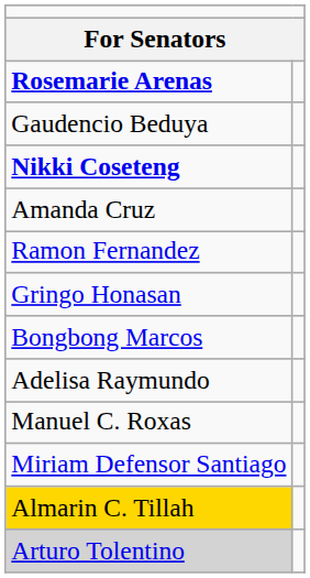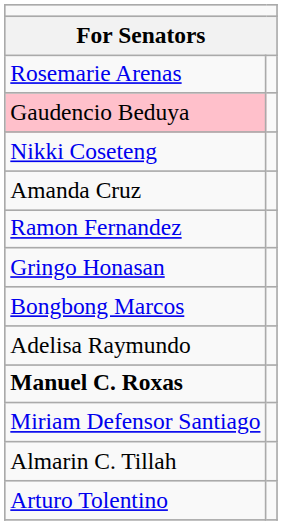 <table class=wikitable style="font-size:90%">
 <tr>
 <td colspan=4 bgcolor=></td>
 </tr>
 <tr>
 <th colspan=5>For Senators</th>
 </tr>
 <tr>
-<td><strong><a href='#'>Rosemarie Arenas</a></strong></td>
+<td><a href='#'>Rosemarie Arenas</a></td>
 <td></td>
 </tr>
 <tr>
-<td>Gaudencio Beduya</td>
+<td style="background: pink;">Gaudencio Beduya</td>
 <td></td>
 </tr>
 <tr>
-<td><strong><a href='#'>Nikki Coseteng</a></strong></td>
+<td><a href='#'>Nikki Coseteng</a></td>
 <td></td>
 </tr>
 <tr>
 <td>Amanda Cruz</td>
 <td></td>
 </tr>
 <tr>
 <td><a href='#'>Ramon Fernandez</a></td>
 <td></td>
 </tr>
 <tr>
 <td><a href='#'>Gringo Honasan</a></td>
 <td></td>
 </tr>
 <tr>
 <td><a href='#'>Bongbong Marcos</a></td>
 <td></td>
 </tr>
 <tr>
 <td>Adelisa Raymundo</td>
 <td></td>
 </tr>
 <tr>
-<td>Manuel C. Roxas</td>
+<td><strong>Manuel C. Roxas</strong></td>
 <td></td>
 </tr>
 <tr>
 <td><a href='#'>Miriam Defensor Santiago</a></td>
 <td></td>
 </tr>
 <tr>
-<td style="background: gold;">Almarin C. Tillah</td>
+<td>Almarin C. Tillah</td>
 <td></td>
 </tr>
 <tr>
-<td style="background: lightgrey;"><a href='#'>Arturo Tolentino</a></td>
+<td><a href='#'>Arturo Tolentino</a></td>
 <td></td>
 </tr>
 </table>
